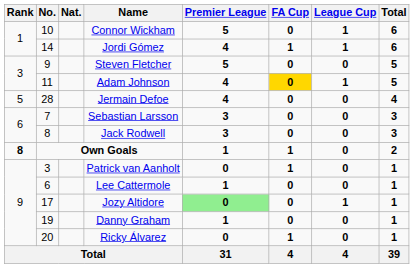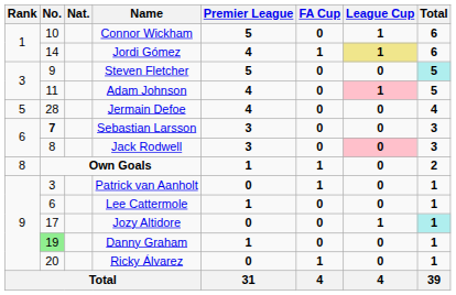 <table class="wikitable sortable" style="text-align: center;">
 <tr>
 <th>Rank</th>
 <th>No.</th>
 <th>Nat.</th>
 <th>Name</th>
 <th><a href='#'>Premier League</a></th>
 <th><a href='#'>FA Cup</a></th>
 <th><a href='#'>League Cup</a></th>
 <th>Total</th>
 </tr>
 <tr>
 <td rowspan=2>1</td>
 <td>10</td>
 <td></td>
 <td><a href='#'>Connor Wickham</a></td>
 <td><strong>5</strong></td>
 <td><strong>0</strong></td>
 <td><strong>1</strong></td>
 <td><strong>6</strong></td>
 </tr>
 <tr>
 <td>14</td>
 <td></td>
 <td><a href='#'>Jordi Gómez</a></td>
 <td><strong>4</strong></td>
 <td><strong>1</strong></td>
-<td><strong>1</strong></td>
+<td style="background: khaki;"><strong>1</strong></td>
 <td><strong>6</strong></td>
 </tr>
 <tr>
 <td rowspan=2>3</td>
 <td>9</td>
 <td></td>
 <td><a href='#'>Steven Fletcher</a></td>
 <td><strong>5</strong></td>
 <td><strong>0</strong></td>
 <td><strong>0</strong></td>
-<td><strong>5</strong></td>
+<td style="background: paleturquoise;"><strong>5</strong></td>
 </tr>
 <tr>
 <td>11</td>
 <td></td>
 <td><a href='#'>Adam Johnson</a></td>
 <td><strong>4</strong></td>
-<td style="background: gold;"><strong>0</strong></td>
-<td><strong>1</strong></td>
+<td><strong>0</strong></td>
+<td style="background: pink;"><strong>1</strong></td>
 <td><strong>5</strong></td>
 </tr>
 <tr>
 <td rowspan=1>5</td>
 <td>28</td>
 <td></td>
 <td><a href='#'>Jermain Defoe</a></td>
 <td><strong>4</strong></td>
 <td><strong>0</strong></td>
 <td><strong>0</strong></td>
 <td><strong>4</strong></td>
 </tr>
 <tr>
 <td rowspan=2>6</td>
-<td>7</td>
+<td><strong>7</strong></td>
 <td></td>
 <td><a href='#'>Sebastian Larsson</a></td>
 <td><strong>3</strong></td>
 <td><strong>0</strong></td>
 <td><strong>0</strong></td>
 <td><strong>3</strong></td>
 </tr>
 <tr>
 <td>8</td>
 <td></td>
 <td><a href='#'>Jack Rodwell</a></td>
 <td><strong>3</strong></td>
 <td><strong>0</strong></td>
-<td><strong>0</strong></td>
+<td style="background: pink;"><strong>0</strong></td>
 <td><strong>3</strong></td>
 </tr>
 <tr>
-<td rowspan=1><strong>8</strong></td>
+<td rowspan=1>8</td>
 <td colspan="3"><strong>Own Goals</strong></td>
 <td><strong>1</strong></td>
 <td><strong>1</strong></td>
 <td><strong>0</strong></td>
 <td><strong>2</strong></td>
 </tr>
 <tr>
 <td rowspan=5>9</td>
 <td>3</td>
 <td></td>
 <td><a href='#'>Patrick van Aanholt</a></td>
 <td><strong>0</strong></td>
 <td><strong>1</strong></td>
 <td><strong>0</strong></td>
 <td><strong>1</strong></td>
 </tr>
 <tr>
 <td>6</td>
 <td></td>
 <td><a href='#'>Lee Cattermole</a></td>
 <td><strong>1</strong></td>
 <td><strong>0</strong></td>
 <td><strong>0</strong></td>
 <td><strong>1</strong></td>
 </tr>
 <tr>
 <td>17</td>
 <td></td>
 <td><a href='#'>Jozy Altidore</a></td>
-<td style="background: lightgreen;"><strong>0</strong></td>
+<td><strong>0</strong></td>
 <td><strong>0</strong></td>
 <td><strong>1</strong></td>
-<td><strong>1</strong></td>
+<td style="background: paleturquoise;"><strong>1</strong></td>
 </tr>
 <tr>
-<td>19</td>
+<td style="background: lightgreen;">19</td>
 <td></td>
 <td><a href='#'>Danny Graham</a></td>
 <td><strong>1</strong></td>
 <td><strong>0</strong></td>
 <td><strong>0</strong></td>
 <td><strong>1</strong></td>
 </tr>
 <tr>
 <td>20</td>
 <td></td>
 <td><a href='#'>Ricky Álvarez</a></td>
 <td><strong>0</strong></td>
 <td><strong>1</strong></td>
 <td><strong>0</strong></td>
 <td><strong>1</strong></td>
 </tr>
 <tr>
 <th colspan=4>Total</th>
 <th>31</th>
 <th>4</th>
 <th>4</th>
 <th>39</th>
 </tr>
 </table>
